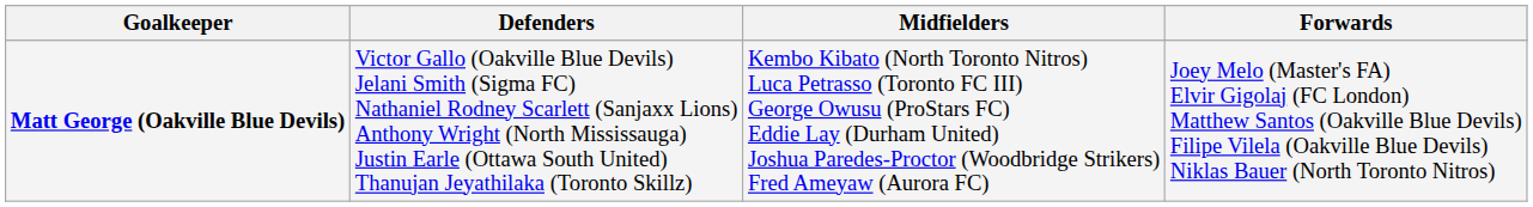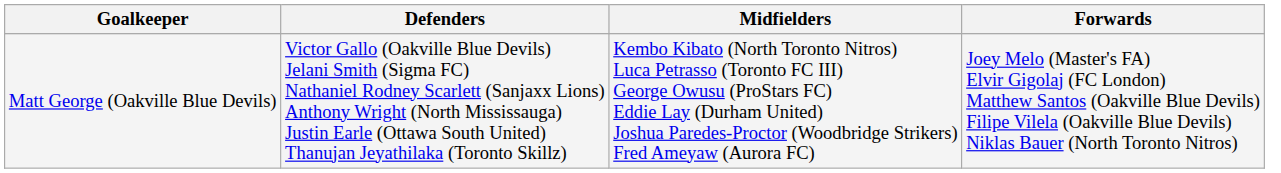 <table class="wikitable">
 <tr style="background:#cccccc;">
 <th>Goalkeeper</th>
 <th>Defenders</th>
 <th>Midfielders</th>
 <th>Forwards</th>
 </tr>
 <tr>
 </tr>
 <tr style="background:#f4f4f4;">
-<td><strong><a href='#'>Matt George</a> (Oakville Blue Devils)</strong></td>
+<td><a href='#'>Matt George</a> (Oakville Blue Devils)</td>
 <td><a href='#'>Victor Gallo</a> (Oakville Blue Devils)<br><a href='#'>Jelani Smith</a> (Sigma FC)<br><a href='#'>Nathaniel Rodney Scarlett</a> (Sanjaxx Lions)<br><a href='#'>Anthony Wright</a> (North Mississauga)<br><a href='#'>Justin Earle</a> (Ottawa South United)<br><a href='#'>Thanujan Jeyathilaka</a> (Toronto Skillz)</td>
 <td><a href='#'>Kembo Kibato</a> (North Toronto Nitros)<br><a href='#'>Luca Petrasso</a> (Toronto FC III)<br><a href='#'>George Owusu</a> (ProStars FC)<br><a href='#'>Eddie Lay</a> (Durham United)<br><a href='#'>Joshua Paredes-Proctor</a> (Woodbridge Strikers)<br><a href='#'>Fred Ameyaw</a> (Aurora FC)</td>
 <td><a href='#'>Joey Melo</a> (Master's FA)<br><a href='#'>Elvir Gigolaj</a> (FC London)<br><a href='#'>Matthew Santos</a> (Oakville Blue Devils)<br><a href='#'>Filipe Vilela</a> (Oakville Blue Devils)<br><a href='#'>Niklas Bauer</a> (North Toronto Nitros)</td>
 </tr>
 </table>
